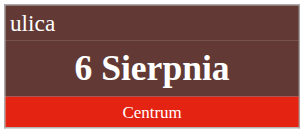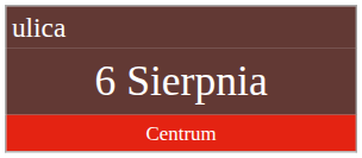 <table class="wikitable">
 <tr>
 <td width="220px" style="background:#623934; font-size:115%; color:#FFFFFF; border-bottom:#623934">ulica</td>
 </tr>
 <tr>
-<td width="220px" style="text-align:center; background:#623934; font-size:175%; color:#FFFFFF; border-top:#623934; border-bottom:#623934"><strong>6 Sierpnia</strong></td>
+<td width="220px" style="text-align:center; background:#623934; font-size:175%; color:#FFFFFF; border-top:#623934; border-bottom:#623934">6 Sierpnia</td>
 </tr>
 <tr>
 <td width="220px" style="text-align:center; background:#E42312; color:#FFFFFF; border-top:#623934"><small>Centrum</small></td>
 </tr>
 </table>
